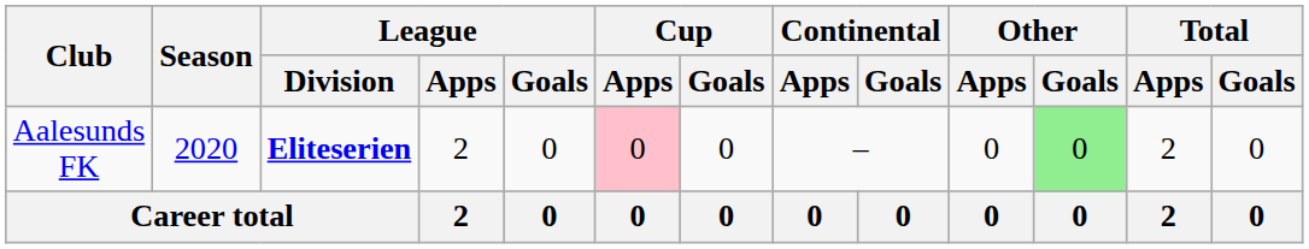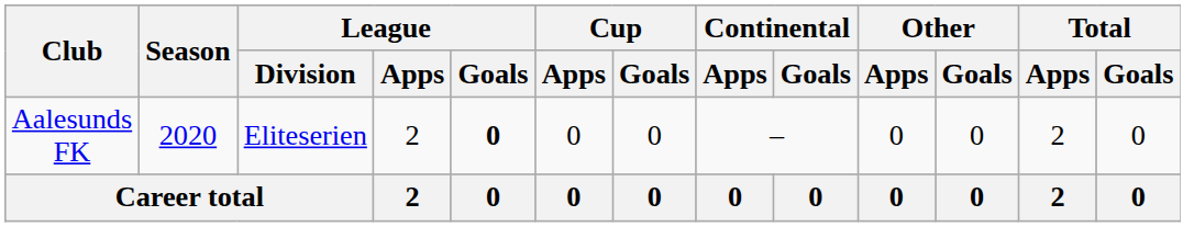 <table class="wikitable" style="text-align: center">
 <tr>
 <th rowspan="2">Club</th>
 <th rowspan="2">Season</th>
 <th colspan="3">League</th>
 <th colspan="2">Cup</th>
 <th colspan="2">Continental</th>
 <th colspan="2">Other</th>
 <th colspan="2">Total</th>
 </tr>
 <tr>
 <th>Division</th>
 <th>Apps</th>
 <th>Goals</th>
 <th>Apps</th>
 <th>Goals</th>
 <th>Apps</th>
 <th>Goals</th>
 <th>Apps</th>
 <th>Goals</th>
 <th>Apps</th>
 <th>Goals</th>
 </tr>
 <tr>
 <td><a href='#'>Aalesunds FK</a></td>
 <td><a href='#'>2020</a></td>
-<td><strong><a href='#'>Eliteserien</a></strong></td>
+<td><a href='#'>Eliteserien</a></td>
 <td>2</td>
+<td><strong>0</strong></td>
 <td>0</td>
-<td style="background: pink;">0</td>
 <td>0</td>
 <td colspan="2">–</td>
 <td>0</td>
-<td style="background: lightgreen;">0</td>
+<td>0</td>
 <td>2</td>
 <td>0</td>
 </tr>
 <tr>
 <th colspan=3>Career total</th>
 <th>2</th>
 <th>0</th>
 <th>0</th>
 <th>0</th>
 <th>0</th>
 <th>0</th>
 <th>0</th>
 <th>0</th>
 <th>2</th>
 <th>0</th>
 </tr>
 </table>
